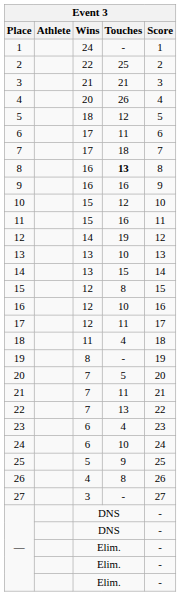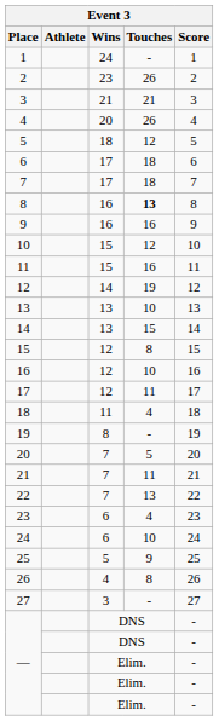 <table class=wikitable style="text-align:center">
 <tr>
 <th colspan=5><strong>Event 3</strong></th>
 </tr>
 <tr>
 <th>Place</th>
 <th>Athlete</th>
 <th>Wins</th>
 <th>Touches</th>
 <th>Score</th>
 </tr>
 <tr>
 <td>1</td>
 <td align=left></td>
 <td>24</td>
 <td>-</td>
 <td>1</td>
 </tr>
 <tr>
 <td>2</td>
 <td align=left></td>
-<td>22</td>
-<td>25</td>
+<td>23</td>
+<td>26</td>
 <td>2</td>
 </tr>
 <tr>
 <td>3</td>
 <td align=left></td>
 <td>21</td>
 <td>21</td>
 <td>3</td>
 </tr>
 <tr>
 <td>4</td>
 <td align=left></td>
 <td>20</td>
 <td>26</td>
 <td>4</td>
 </tr>
 <tr>
 <td>5</td>
 <td align=left></td>
 <td>18</td>
 <td>12</td>
 <td>5</td>
 </tr>
 <tr>
 <td>6</td>
 <td align=left></td>
 <td>17</td>
-<td>11</td>
+<td>18</td>
 <td>6</td>
 </tr>
 <tr>
 <td>7</td>
 <td align=left></td>
 <td>17</td>
 <td>18</td>
 <td>7</td>
 </tr>
 <tr>
 <td>8</td>
 <td align=left></td>
 <td>16</td>
 <td><strong>13</strong></td>
 <td>8</td>
 </tr>
 <tr>
 <td>9</td>
 <td align=left></td>
 <td>16</td>
 <td>16</td>
 <td>9</td>
 </tr>
 <tr>
 <td>10</td>
 <td align=left></td>
 <td>15</td>
 <td>12</td>
 <td>10</td>
 </tr>
 <tr>
 <td>11</td>
 <td align=left></td>
 <td>15</td>
 <td>16</td>
 <td>11</td>
 </tr>
 <tr>
 <td>12</td>
 <td align=left></td>
 <td>14</td>
 <td>19</td>
 <td>12</td>
 </tr>
 <tr>
 <td>13</td>
 <td align=left></td>
 <td>13</td>
 <td>10</td>
 <td>13</td>
 </tr>
 <tr>
 <td>14</td>
 <td align=left></td>
 <td>13</td>
 <td>15</td>
 <td>14</td>
 </tr>
 <tr>
 <td>15</td>
 <td align=left></td>
 <td>12</td>
 <td>8</td>
 <td>15</td>
 </tr>
 <tr>
 <td>16</td>
 <td align=left></td>
 <td>12</td>
 <td>10</td>
 <td>16</td>
 </tr>
 <tr>
 <td>17</td>
 <td align=left></td>
 <td>12</td>
 <td>11</td>
 <td>17</td>
 </tr>
 <tr>
 <td>18</td>
 <td align=left></td>
 <td>11</td>
 <td>4</td>
 <td>18</td>
 </tr>
 <tr>
 <td>19</td>
 <td align=left></td>
 <td>8</td>
 <td>-</td>
 <td>19</td>
 </tr>
 <tr>
 <td>20</td>
 <td align=left></td>
 <td>7</td>
 <td>5</td>
 <td>20</td>
 </tr>
 <tr>
 <td>21</td>
 <td align=left></td>
 <td>7</td>
 <td>11</td>
 <td>21</td>
 </tr>
 <tr>
 <td>22</td>
 <td align=left></td>
 <td>7</td>
 <td>13</td>
 <td>22</td>
 </tr>
 <tr>
 <td>23</td>
 <td align=left></td>
 <td>6</td>
 <td>4</td>
 <td>23</td>
 </tr>
 <tr>
 <td>24</td>
 <td align=left></td>
 <td>6</td>
 <td>10</td>
 <td>24</td>
 </tr>
 <tr>
 <td>25</td>
 <td align=left></td>
 <td>5</td>
 <td>9</td>
 <td>25</td>
 </tr>
 <tr>
 <td>26</td>
 <td align=left></td>
 <td>4</td>
 <td>8</td>
 <td>26</td>
 </tr>
 <tr>
 <td>27</td>
 <td align=left></td>
 <td>3</td>
 <td>-</td>
 <td>27</td>
 </tr>
 <tr>
 <td rowspan=5>—</td>
 <td align=left></td>
 <td colspan=2>DNS</td>
 <td>-</td>
 </tr>
 <tr>
 <td align=left></td>
 <td colspan=2>DNS</td>
 <td>-</td>
 </tr>
 <tr>
 <td align=left></td>
 <td colspan=2>Elim.</td>
 <td>-</td>
 </tr>
 <tr>
 <td align=left></td>
 <td colspan=2>Elim.</td>
 <td>-</td>
 </tr>
 <tr>
 <td align=left></td>
 <td colspan=2>Elim.</td>
 <td>-</td>
 </tr>
 </table>
